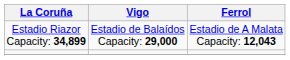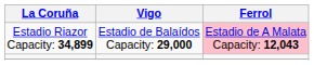 <table class="wikitable" style="margin:1em auto; text-align:center;">
 <tr>
 <th><a href='#'>La Coruña</a><br></th>
 <th><a href='#'>Vigo</a><br></th>
 <th><a href='#'>Ferrol</a> <br></th>
 </tr>
 <tr>
 <td><a href='#'>Estadio Riazor</a><br>Capacity: <strong>34,899</strong></td>
 <td><a href='#'>Estadio de Balaídos</a><br>Capacity: <strong>29,000</strong></td>
-<td><a href='#'>Estadio de A Malata</a><br>Capacity: <strong>12,043</strong></td>
+<td style="background: pink;"><a href='#'>Estadio de A Malata</a><br>Capacity: <strong>12,043</strong></td>
 </tr>
 <tr>
 <td></td>
 <td></td>
 <td></td>
 </tr>
 <tr>
 </tr>
 <tr>
 </tr>
 </table>
